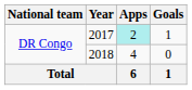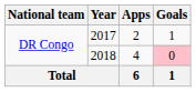 <table class="wikitable" style="text-align:center">
 <tr>
 <th>National team</th>
 <th>Year</th>
 <th>Apps</th>
 <th>Goals</th>
 </tr>
 <tr>
 <td rowspan="2"><a href='#'>DR Congo</a></td>
 <td>2017</td>
-<td style="background: paleturquoise;">2</td>
+<td>2</td>
 <td>1</td>
 </tr>
 <tr>
 <td>2018</td>
 <td>4</td>
-<td>0</td>
+<td style="background: pink;">0</td>
 </tr>
 <tr>
 <th colspan="2">Total</th>
 <th>6</th>
 <th>1</th>
 </tr>
 </table>
